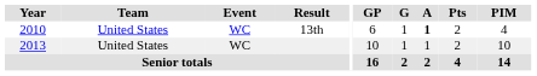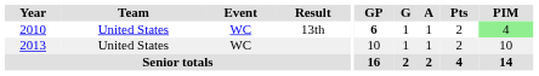 <table border="0" cellpadding="1" cellspacing="0" ID="Table3" style="text-align:center; width:40em">
 <tr ALIGN="center" bgcolor="#e0e0e0">
 <th>Year</th>
 <th>Team</th>
 <th>Event</th>
 <th>Result</th>
 <th rowspan="99" bgcolor="#ffffff"></th>
 <th>GP</th>
 <th>G</th>
 <th>A</th>
 <th>Pts</th>
 <th>PIM</th>
 </tr>
 <tr>
 <td><a href='#'>2010</a></td>
 <td><a href='#'>United States</a></td>
 <td><a href='#'>WC</a></td>
 <td>13th</td>
-<td>6</td>
+<td><strong>6</strong></td>
 <td>1</td>
-<td><strong>1</strong></td>
+<td>1</td>
 <td>2</td>
-<td>4</td>
+<td style="background: lightgreen;">4</td>
 </tr>
 <tr bgcolor="#f0f0f0">
 <td><a href='#'>2013</a></td>
 <td>United States</td>
 <td>WC</td>
 <td></td>
 <td>10</td>
 <td>1</td>
 <td>1</td>
 <td>2</td>
 <td>10</td>
 </tr>
 <tr bgcolor="#e0e0e0">
 <th colspan=4>Senior totals</th>
 <th>16</th>
 <th>2</th>
 <th>2</th>
 <th>4</th>
 <th>14</th>
 </tr>
 </table>
